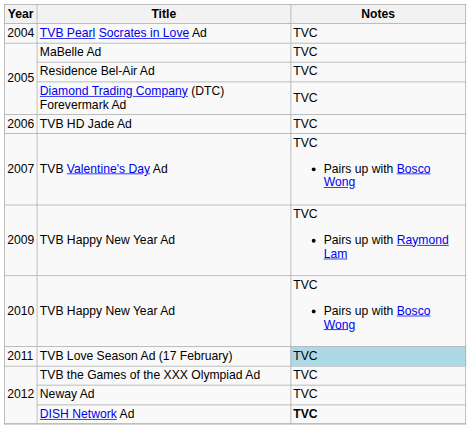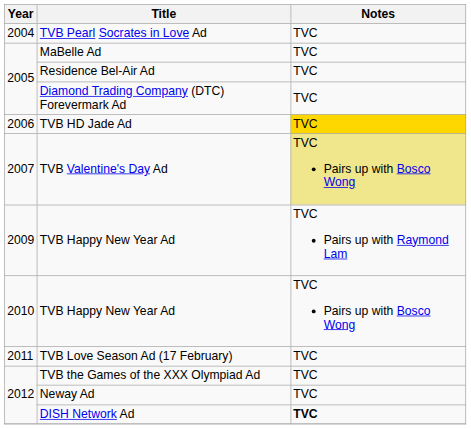 <table class="wikitable">
 <tr>
 <th scope="col">Year</th>
 <th scope="col">Title</th>
 <th scope="col">Notes</th>
 </tr>
 <tr>
 <td>2004</td>
 <td><a href='#'>TVB Pearl</a> <a href='#'>Socrates in Love</a> Ad</td>
 <td>TVC</td>
 </tr>
 <tr>
 <td rowspan="3">2005</td>
 <td>MaBelle Ad</td>
 <td>TVC</td>
 </tr>
 <tr>
 <td>Residence Bel-Air Ad</td>
 <td>TVC</td>
 </tr>
 <tr>
 <td><a href='#'>Diamond Trading Company</a> (DTC) Forevermark Ad</td>
 <td>TVC</td>
 </tr>
 <tr>
 <td>2006</td>
 <td>TVB HD Jade Ad</td>
-<td>TVC</td>
+<td style="background: gold;">TVC</td>
 </tr>
 <tr>
 <td>2007</td>
 <td>TVB <a href='#'>Valentine's Day</a> Ad</td>
-<td>TVC<br><ul><li>Pairs up with <a href='#'>Bosco Wong</a></li></ul></td>
+<td style="background: khaki;">TVC<br><ul><li>Pairs up with <a href='#'>Bosco Wong</a></li></ul></td>
 </tr>
 <tr>
 <td>2009</td>
 <td>TVB Happy New Year Ad</td>
 <td>TVC<br><ul><li>Pairs up with <a href='#'>Raymond Lam</a></li></ul></td>
 </tr>
 <tr>
 <td>2010</td>
 <td>TVB Happy New Year Ad</td>
 <td>TVC<br><ul><li>Pairs up with <a href='#'>Bosco Wong</a></li></ul></td>
 </tr>
 <tr>
 <td>2011</td>
 <td>TVB Love Season Ad (17 February)</td>
-<td style="background: lightblue;">TVC</td>
+<td>TVC</td>
 </tr>
 <tr>
 <td rowspan="3">2012</td>
 <td>TVB the Games of the XXX Olympiad Ad</td>
 <td>TVC</td>
 </tr>
 <tr>
 <td>Neway Ad</td>
 <td>TVC</td>
 </tr>
 <tr>
 <td><a href='#'>DISH Network</a> Ad</td>
 <td><strong>TVC</strong></td>
 </tr>
 <tr>
 </tr>
 </table>
